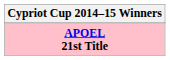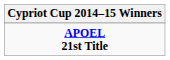 <table class="wikitable" style="text-align:center;margin: 0 auto;">
 <tr>
 <th>Cypriot Cup 2014–15 Winners</th>
 </tr>
 <tr>
 </tr>
 <tr>
 </tr>
 <tr>
-<td style="background: pink;"><strong><a href='#'>APOEL</a></strong><br><strong>21st Title</strong></td>
+<td><strong><a href='#'>APOEL</a></strong><br><strong>21st Title</strong></td>
 </tr>
 </table>
